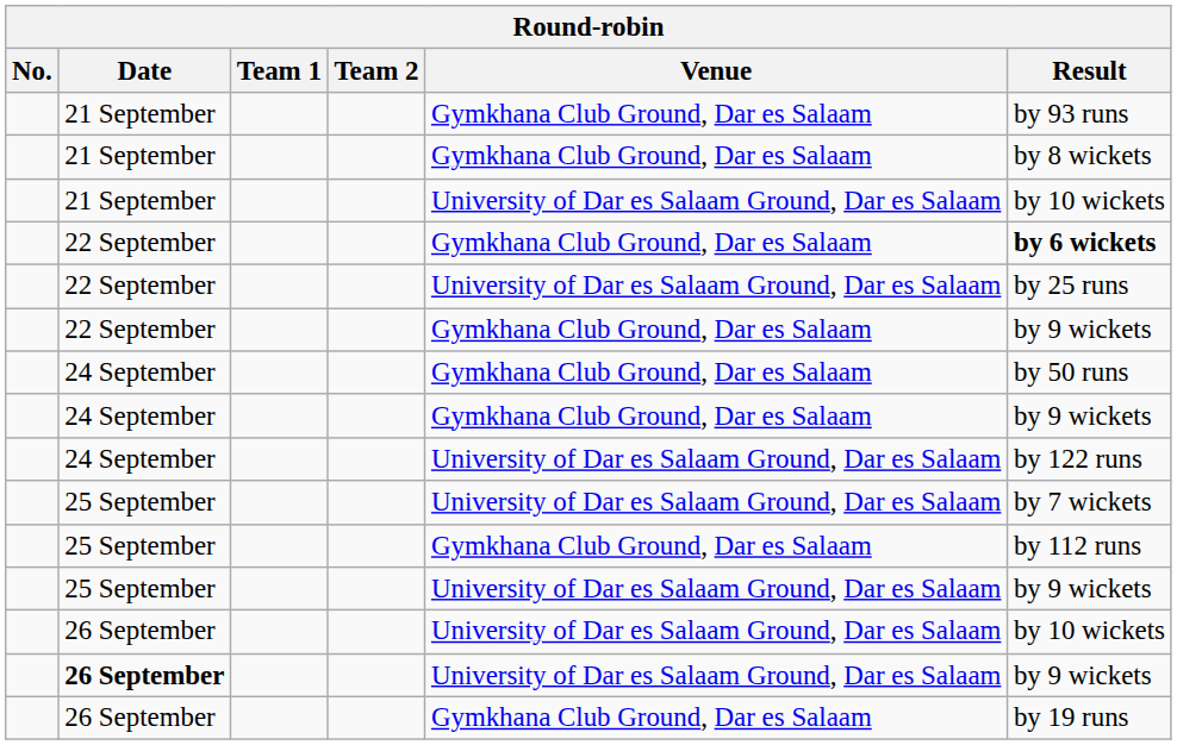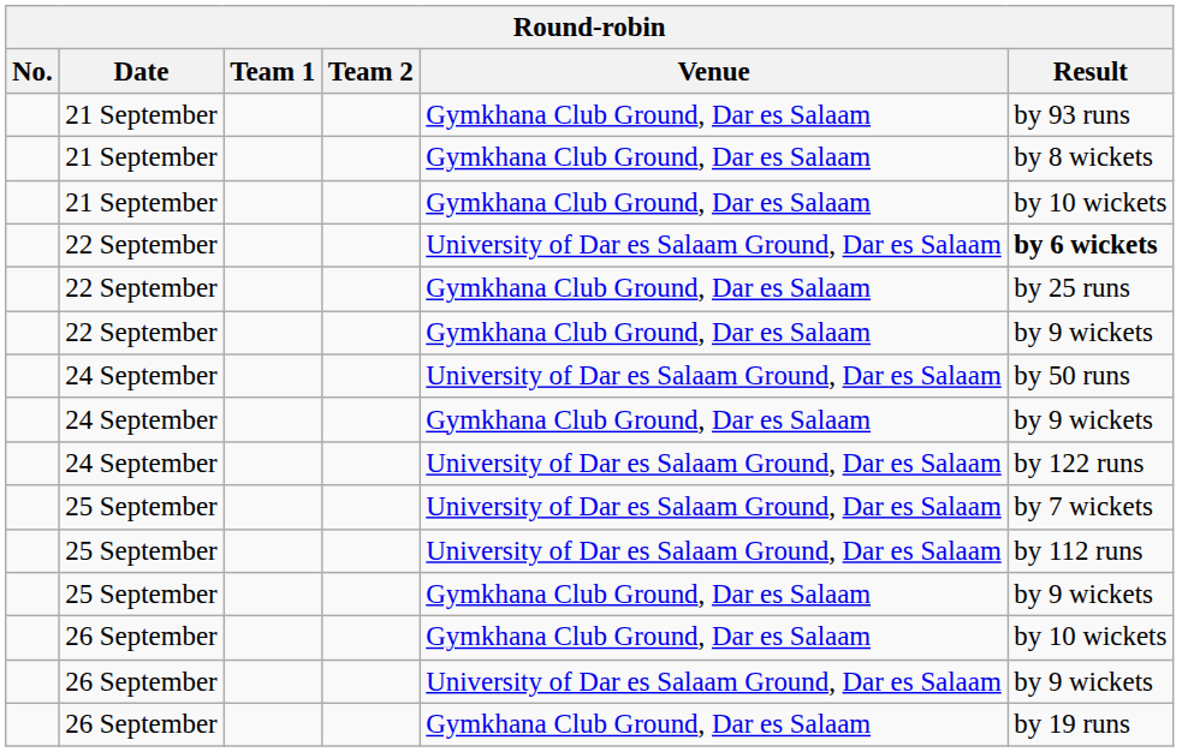 <table class="wikitable">
 <tr>
 <th colspan="6">Round-robin</th>
 </tr>
 <tr>
 <th>No.</th>
 <th>Date</th>
 <th>Team 1</th>
 <th>Team 2</th>
 <th>Venue</th>
 <th>Result</th>
 </tr>
 <tr>
 <td></td>
 <td>21 September</td>
 <td></td>
 <td></td>
 <td><a href='#'>Gymkhana Club Ground</a>, <a href='#'>Dar es Salaam</a></td>
 <td> by 93 runs</td>
 </tr>
 <tr>
 <td></td>
 <td>21 September</td>
 <td></td>
 <td></td>
 <td><a href='#'>Gymkhana Club Ground</a>, <a href='#'>Dar es Salaam</a></td>
 <td> by 8 wickets</td>
 </tr>
 <tr>
 <td></td>
 <td>21 September</td>
 <td></td>
 <td></td>
-<td><a href='#'>University of Dar es Salaam Ground</a>, <a href='#'>Dar es Salaam</a></td>
+<td><a href='#'>Gymkhana Club Ground</a>, <a href='#'>Dar es Salaam</a></td>
 <td> by 10 wickets</td>
 </tr>
 <tr>
 <td></td>
 <td>22 September</td>
 <td></td>
 <td></td>
-<td><a href='#'>Gymkhana Club Ground</a>, <a href='#'>Dar es Salaam</a></td>
+<td><a href='#'>University of Dar es Salaam Ground</a>, <a href='#'>Dar es Salaam</a></td>
 <td><strong> by 6 wickets</strong></td>
 </tr>
 <tr>
 <td></td>
 <td>22 September</td>
 <td></td>
 <td></td>
-<td><a href='#'>University of Dar es Salaam Ground</a>, <a href='#'>Dar es Salaam</a></td>
+<td><a href='#'>Gymkhana Club Ground</a>, <a href='#'>Dar es Salaam</a></td>
 <td> by 25 runs</td>
 </tr>
 <tr>
 <td></td>
 <td>22 September</td>
 <td></td>
 <td></td>
 <td><a href='#'>Gymkhana Club Ground</a>, <a href='#'>Dar es Salaam</a></td>
 <td> by 9 wickets</td>
 </tr>
 <tr>
 <td></td>
 <td>24 September</td>
 <td></td>
 <td></td>
-<td><a href='#'>Gymkhana Club Ground</a>, <a href='#'>Dar es Salaam</a></td>
+<td><a href='#'>University of Dar es Salaam Ground</a>, <a href='#'>Dar es Salaam</a></td>
 <td> by 50 runs</td>
 </tr>
 <tr>
 <td></td>
 <td>24 September</td>
 <td></td>
 <td></td>
 <td><a href='#'>Gymkhana Club Ground</a>, <a href='#'>Dar es Salaam</a></td>
 <td> by 9 wickets</td>
 </tr>
 <tr>
 <td></td>
 <td>24 September</td>
 <td></td>
 <td></td>
 <td><a href='#'>University of Dar es Salaam Ground</a>, <a href='#'>Dar es Salaam</a></td>
 <td> by 122 runs</td>
 </tr>
 <tr>
 <td></td>
 <td>25 September</td>
 <td></td>
 <td></td>
 <td><a href='#'>University of Dar es Salaam Ground</a>, <a href='#'>Dar es Salaam</a></td>
 <td> by 7 wickets</td>
 </tr>
 <tr>
 <td></td>
 <td>25 September</td>
 <td></td>
 <td></td>
-<td><a href='#'>Gymkhana Club Ground</a>, <a href='#'>Dar es Salaam</a></td>
+<td><a href='#'>University of Dar es Salaam Ground</a>, <a href='#'>Dar es Salaam</a></td>
 <td> by 112 runs</td>
 </tr>
 <tr>
 <td></td>
 <td>25 September</td>
 <td></td>
 <td></td>
-<td><a href='#'>University of Dar es Salaam Ground</a>, <a href='#'>Dar es Salaam</a></td>
+<td><a href='#'>Gymkhana Club Ground</a>, <a href='#'>Dar es Salaam</a></td>
 <td> by 9 wickets</td>
 </tr>
 <tr>
 <td></td>
 <td>26 September</td>
 <td></td>
 <td></td>
-<td><a href='#'>University of Dar es Salaam Ground</a>, <a href='#'>Dar es Salaam</a></td>
+<td><a href='#'>Gymkhana Club Ground</a>, <a href='#'>Dar es Salaam</a></td>
 <td> by 10 wickets</td>
 </tr>
 <tr>
 <td></td>
-<td><strong>26 September</strong></td>
+<td>26 September</td>
 <td></td>
 <td></td>
 <td><a href='#'>University of Dar es Salaam Ground</a>, <a href='#'>Dar es Salaam</a></td>
 <td> by 9 wickets</td>
 </tr>
 <tr>
 <td></td>
 <td>26 September</td>
 <td></td>
 <td></td>
 <td><a href='#'>Gymkhana Club Ground</a>, <a href='#'>Dar es Salaam</a></td>
 <td> by 19 runs</td>
 </tr>
 </table>
